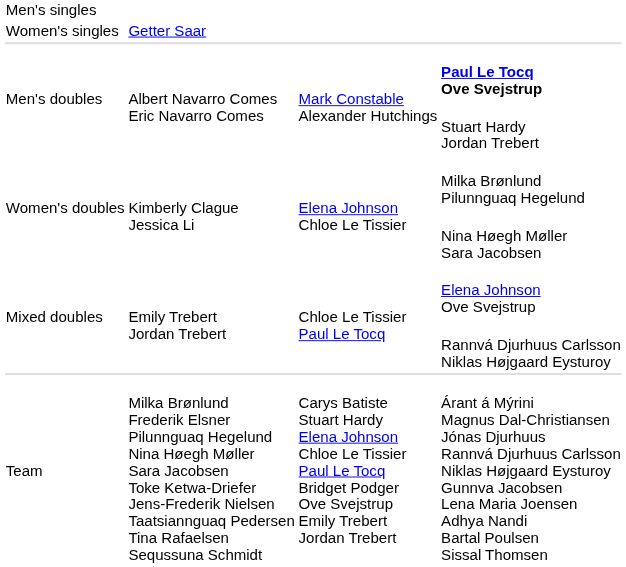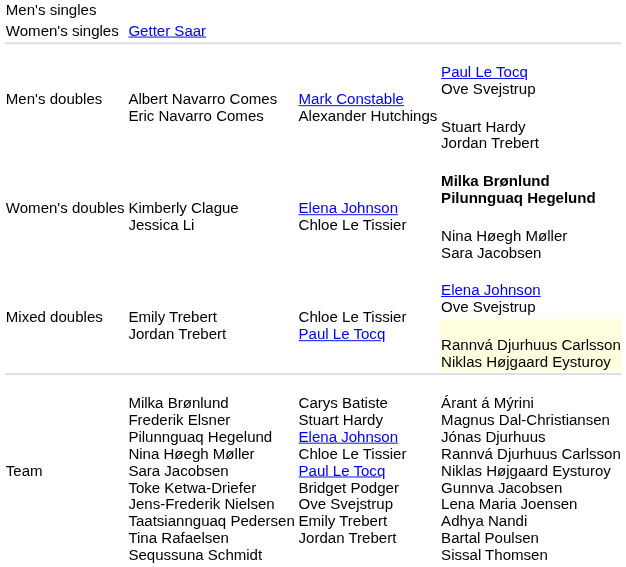 <table>
 <tr>
 <td rowspan=2>Men's singles</td>
 <td rowspan=2></td>
 <td rowspan=2></td>
 <td></td>
 </tr>
 <tr>
 <td></td>
 </tr>
 <tr>
 <td rowspan=2>Women's singles</td>
 <td rowspan=2><a href='#'>Getter Saar</a><br></td>
 <td rowspan=2></td>
 <td></td>
 </tr>
 <tr>
 <td></td>
 </tr>
 <tr bgcolor=#dddddd>
 <td colspan=5></td>
 </tr>
 <tr>
 <td rowspan=2>Men's doubles</td>
 <td rowspan=2><br>Albert Navarro Comes<br>Eric Navarro Comes</td>
 <td rowspan=2 nowrap><br><a href='#'>Mark Constable</a><br>Alexander Hutchings</td>
-<td><strong><br><a href='#'>Paul Le Tocq</a><br>Ove Svejstrup</strong></td>
+<td><br><a href='#'>Paul Le Tocq</a><br>Ove Svejstrup</td>
 </tr>
 <tr>
 <td><br>Stuart Hardy<br>Jordan Trebert</td>
 </tr>
 <tr>
 <td rowspan=2>Women's doubles</td>
 <td rowspan=2><br>Kimberly Clague<br>Jessica Li</td>
 <td rowspan=2><br><a href='#'>Elena Johnson</a><br>Chloe Le Tissier</td>
-<td><br>Milka Brønlund<br>Pilunnguaq Hegelund</td>
+<td><strong><br>Milka Brønlund<br>Pilunnguaq Hegelund</strong></td>
 </tr>
 <tr>
 <td><br>Nina Høegh Møller<br>Sara Jacobsen</td>
 </tr>
 <tr>
 <td rowspan=2>Mixed doubles</td>
 <td rowspan=2><br>Emily Trebert<br>Jordan Trebert</td>
 <td rowspan=2><br>Chloe Le Tissier<br><a href='#'>Paul Le Tocq</a></td>
 <td><br><a href='#'>Elena Johnson</a><br>Ove Svejstrup</td>
 </tr>
 <tr>
-<td><br>Rannvá Djurhuus Carlsson<br>Niklas Højgaard Eysturoy</td>
+<td style="background: lightyellow;"><br>Rannvá Djurhuus Carlsson<br>Niklas Højgaard Eysturoy</td>
 </tr>
 <tr bgcolor=#dddddd>
 <td colspan=5></td>
 </tr>
 <tr>
 <td>Team</td>
 <td valign=top nowrap><br>Milka Brønlund<br>Frederik Elsner<br>Pilunnguaq Hegelund<br>Nina Høegh Møller<br>Sara Jacobsen<br>Toke Ketwa-Driefer<br>Jens-Frederik Nielsen<br>Taatsiannguaq Pedersen<br>Tina Rafaelsen<br>Sequssuna Schmidt</td>
 <td valign=top><br>Carys Batiste<br>Stuart Hardy<br><a href='#'>Elena Johnson</a><br>Chloe Le Tissier<br><a href='#'>Paul Le Tocq</a><br>Bridget Podger<br>Ove Svejstrup<br>Emily Trebert<br>Jordan Trebert</td>
 <td valign=top nowrap><br>Árant á Mýrini<br>Magnus Dal-Christiansen<br>Jónas Djurhuus<br>Rannvá Djurhuus Carlsson<br>Niklas Højgaard Eysturoy<br>Gunnva Jacobsen<br>Lena Maria Joensen<br>Adhya Nandi<br>Bartal Poulsen<br>Sissal Thomsen</td>
 </tr>
 <tr>
 </tr>
 </table>
